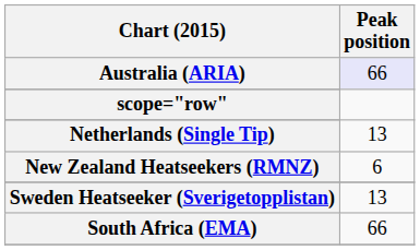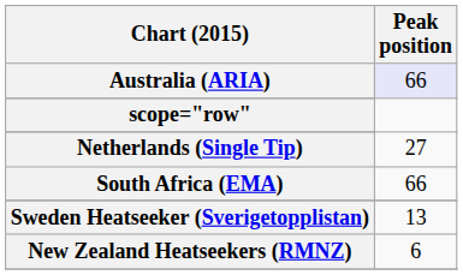 <table class="wikitable sortable plainrowheaders" style="text-align:center">
 <tr>
 <th scope="col">Chart (2015)</th>
 <th scope="col">Peak<br> position</th>
 </tr>
 <tr>
 <th scope="row">Australia (<a href='#'>ARIA</a>)</th>
 <td style="background: lavender;">66</td>
 </tr>
 <tr>
 </tr>
 <tr>
 <th>scope="row"</th>
 </tr>
 <tr>
 </tr>
 <tr>
 </tr>
 <tr>
 </tr>
 <tr>
 <th scope="row">Netherlands (<a href='#'>Single Tip</a>)</th>
+<td>27</td>
+</tr>
+<tr>
+<th scope="row">South Africa (<a href='#'>EMA</a>)</th>
+<td>66</td>
+</tr>
+<tr>
+</tr>
+<tr>
+</tr>
+<tr>
+<th scope="row">Sweden Heatseeker (<a href='#'>Sverigetopplistan</a>)</th>
 <td>13</td>
 </tr>
 <tr>
 <th scope="row">New Zealand Heatseekers (<a href='#'>RMNZ</a>)</th>
 <td>6</td>
 </tr>
 <tr>
 </tr>
 <tr>
 </tr>
 <tr>
-<th scope="row">Sweden Heatseeker (<a href='#'>Sverigetopplistan</a>)</th>
-<td>13</td>
-</tr>
-<tr>
-<th scope="row">South Africa (<a href='#'>EMA</a>)</th>
-<td>66</td>
-</tr>
-<tr>
-</tr>
-<tr>
-</tr>
-<tr>
 </tr>
 </table>
